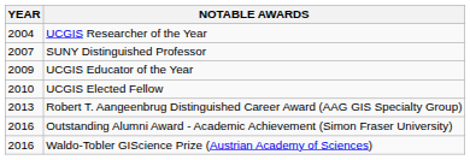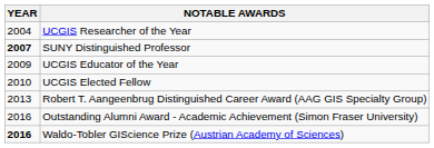 <table class="wikitable">
 <tr>
 <th>YEAR</th>
 <th>NOTABLE AWARDS</th>
 </tr>
 <tr>
 <td>2004</td>
 <td><a href='#'>UCGIS</a> Researcher of the Year</td>
 </tr>
 <tr>
-<td>2007</td>
+<td><strong>2007</strong></td>
 <td>SUNY Distinguished Professor</td>
 </tr>
 <tr>
 <td>2009</td>
 <td>UCGIS Educator of the Year</td>
 </tr>
 <tr>
 <td>2010</td>
 <td>UCGIS Elected Fellow</td>
 </tr>
 <tr>
 <td>2013</td>
 <td>Robert T. Aangeenbrug Distinguished Career Award (AAG GIS Specialty Group)</td>
 </tr>
 <tr>
 <td>2016</td>
 <td>Outstanding Alumni Award - Academic Achievement (Simon Fraser University) </td>
 </tr>
 <tr>
-<td>2016</td>
+<td><strong>2016</strong></td>
 <td>Waldo-Tobler GIScience Prize (<a href='#'>Austrian Academy of Sciences</a>)</td>
 </tr>
 </table>
